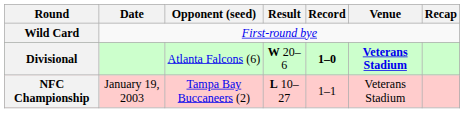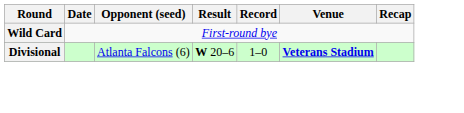 <table class="wikitable" style="text-align:center">
 <tr>
 <th>Round</th>
 <th>Date</th>
 <th>Opponent (seed)</th>
 <th>Result</th>
 <th>Record</th>
 <th>Venue</th>
 <th>Recap</th>
 </tr>
 <tr>
 <th>Wild Card</th>
 <td colspan="6"><em><a href='#'>First-round bye</a></em></td>
 </tr>
 <tr style="background:#cfc">
 <th>Divisional</th>
 <td></td>
 <td><a href='#'>Atlanta Falcons</a> (6)</td>
 <td><strong>W</strong> 20–6</td>
-<td><strong>1–0</strong></td>
+<td>1–0</td>
 <td><strong><a href='#'>Veterans Stadium</a></strong></td>
 <td></td>
 </tr>
-<tr style="background:#fcc">
-<th>NFC Championship</th>
-<td>January 19, 2003</td>
-<td><a href='#'>Tampa Bay Buccaneers</a> (2)</td>
-<td><strong>L</strong> 10–27</td>
-<td>1–1</td>
-<td>Veterans Stadium</td>
-<td></td>
-</tr>
 </table>
